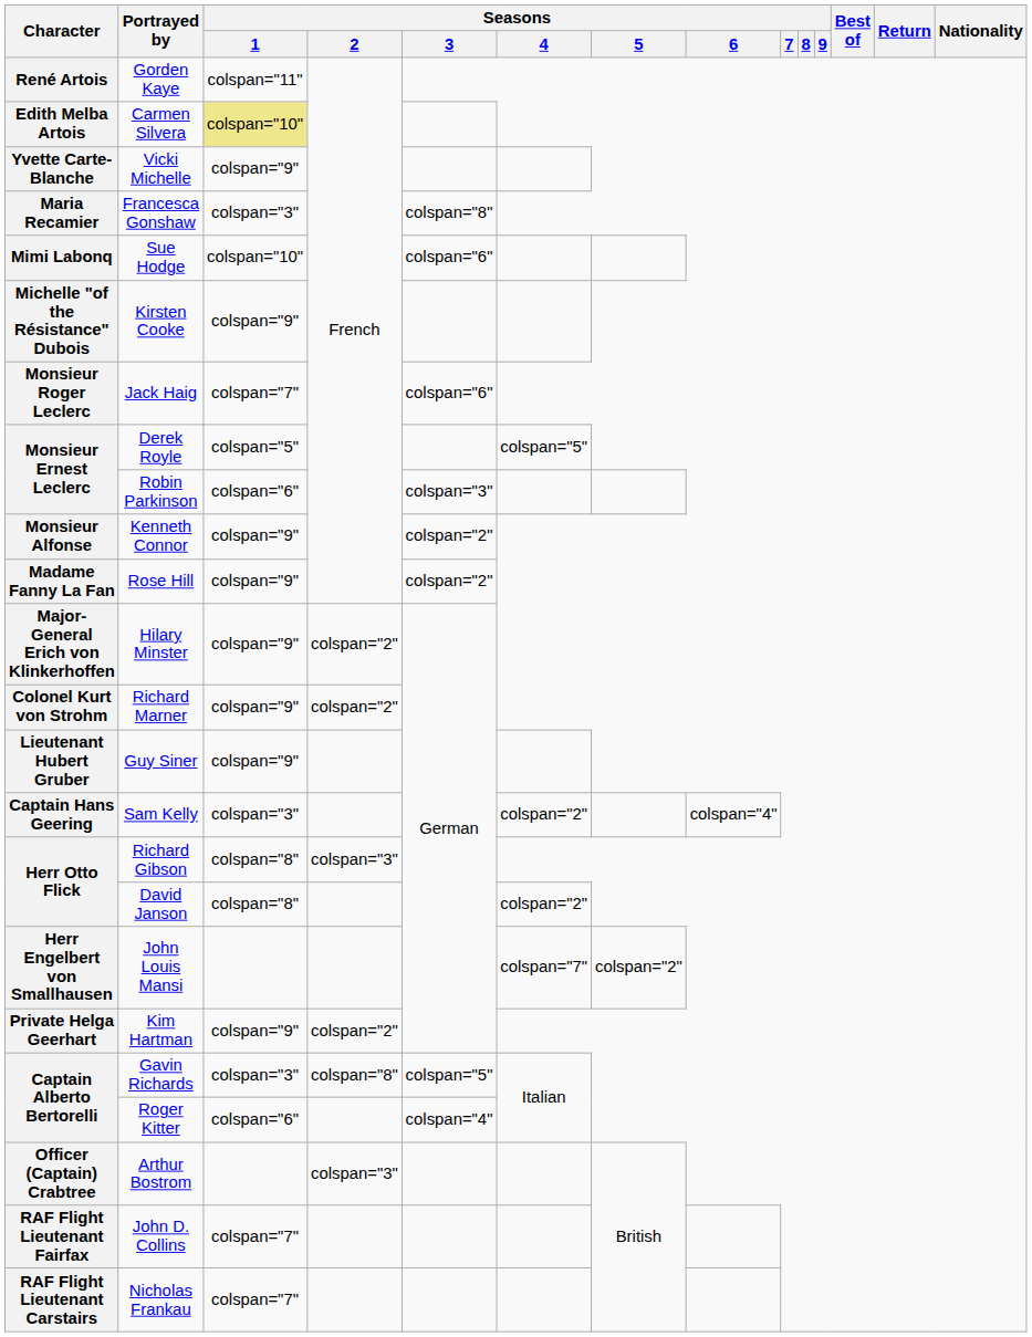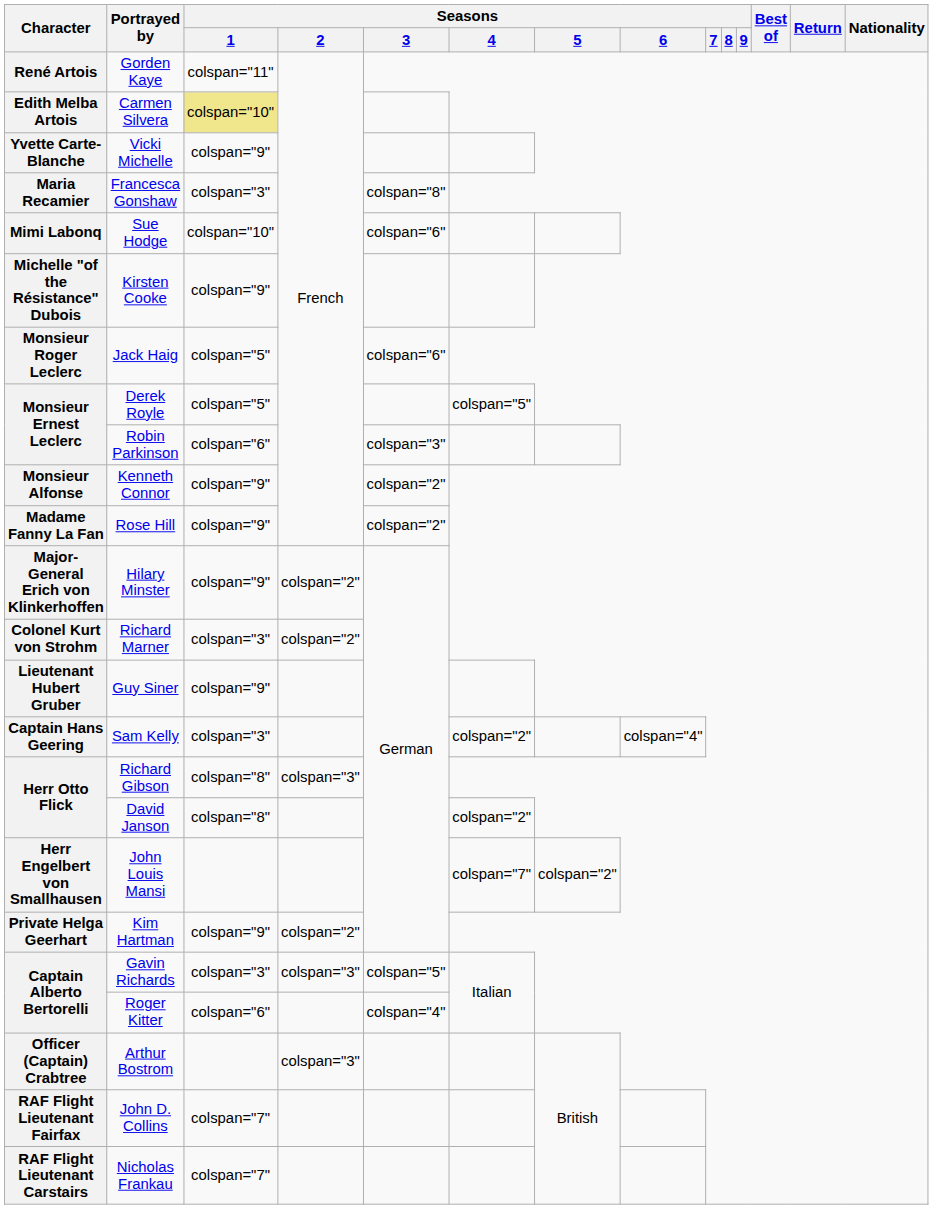 <table class="wikitable" style="text-align:center; width:100%;">
 <tr>
 <th rowspan="2">Character</th>
 <th rowspan="2">Portrayed by</th>
 <th colspan="9">Seasons</th>
 <th rowspan="2"><a href='#'>Best of</a></th>
 <th rowspan="2"><a href='#'>Return</a></th>
 <th rowspan="2">Nationality</th>
 </tr>
 <tr>
 <th style="width:4%"><a href='#'>1</a></th>
 <th style="width:4%"><a href='#'>2</a></th>
 <th style="width:4%"><a href='#'>3</a></th>
 <th style="width:4%"><a href='#'>4</a></th>
 <th style="width:4%"><a href='#'>5</a></th>
 <th style="width:4%"><a href='#'>6</a></th>
 <th style="width:4%"><a href='#'>7</a></th>
 <th style="width:4%"><a href='#'>8</a></th>
 <th style="width:4%"><a href='#'>9</a></th>
 </tr>
 <tr>
 <th>René Artois</th>
 <td><a href='#'>Gorden Kaye</a></td>
 <td>colspan="11" </td>
 <td rowspan="11">French</td>
 </tr>
 <tr>
 <th>Edith Melba Artois</th>
 <td><a href='#'>Carmen Silvera</a></td>
 <td style="background: khaki;">colspan="10" </td>
 <td></td>
 </tr>
 <tr>
 <th>Yvette Carte-Blanche</th>
 <td><a href='#'>Vicki Michelle</a></td>
 <td>colspan="9" </td>
 <td></td>
 <td></td>
 </tr>
 <tr>
 <th>Maria Recamier</th>
 <td><a href='#'>Francesca Gonshaw</a></td>
 <td>colspan="3" </td>
 <td>colspan="8" </td>
 </tr>
 <tr>
 <th>Mimi Labonq</th>
 <td><a href='#'>Sue Hodge</a></td>
 <td>colspan="10" </td>
 <td>colspan="6" </td>
 <td></td>
 <td></td>
 </tr>
 <tr>
 <th>Michelle "of the Résistance" Dubois</th>
 <td><a href='#'>Kirsten Cooke</a></td>
 <td>colspan="9" </td>
 <td></td>
 <td></td>
 </tr>
 <tr>
 <th>Monsieur Roger Leclerc</th>
 <td><a href='#'>Jack Haig</a></td>
-<td>colspan="7" </td>
+<td>colspan="5" </td>
 <td>colspan="6" </td>
 </tr>
 <tr>
 <th rowspan="2">Monsieur Ernest Leclerc</th>
 <td><a href='#'>Derek Royle</a></td>
 <td>colspan="5" </td>
 <td></td>
 <td>colspan="5" </td>
 </tr>
 <tr>
 <td><a href='#'>Robin Parkinson</a></td>
 <td>colspan="6" </td>
 <td>colspan="3" </td>
 <td></td>
 <td></td>
 </tr>
 <tr>
 <th>Monsieur Alfonse</th>
 <td><a href='#'>Kenneth Connor</a></td>
 <td>colspan="9" </td>
 <td>colspan="2" </td>
 </tr>
 <tr>
 <th>Madame Fanny La Fan</th>
 <td><a href='#'>Rose Hill</a></td>
 <td>colspan="9" </td>
 <td>colspan="2" </td>
 </tr>
 <tr>
 <th>Major-General Erich von Klinkerhoffen</th>
 <td><a href='#'>Hilary Minster</a></td>
 <td>colspan="9" </td>
 <td>colspan="2" </td>
 <td rowspan="8">German</td>
 </tr>
 <tr>
 <th>Colonel Kurt von Strohm</th>
 <td><a href='#'>Richard Marner</a></td>
-<td>colspan="9" </td>
+<td>colspan="3" </td>
 <td>colspan="2" </td>
 </tr>
 <tr>
 <th>Lieutenant Hubert Gruber</th>
 <td><a href='#'>Guy Siner</a></td>
 <td>colspan="9" </td>
 <td></td>
 <td></td>
 </tr>
 <tr>
 <th>Captain Hans Geering</th>
 <td><a href='#'>Sam Kelly</a></td>
 <td>colspan="3" </td>
 <td></td>
 <td>colspan="2" </td>
 <td></td>
 <td>colspan="4" </td>
 </tr>
 <tr>
 <th rowspan="2">Herr Otto Flick</th>
 <td><a href='#'>Richard Gibson</a></td>
 <td>colspan="8" </td>
 <td>colspan="3" </td>
 </tr>
 <tr>
 <td><a href='#'>David Janson</a></td>
 <td>colspan="8" </td>
 <td></td>
 <td>colspan="2" </td>
 </tr>
 <tr>
 <th>Herr Engelbert von Smallhausen</th>
 <td><a href='#'>John Louis Mansi</a></td>
 <td></td>
 <td></td>
 <td>colspan="7" </td>
 <td>colspan="2" </td>
 </tr>
 <tr>
 <th>Private Helga Geerhart</th>
 <td><a href='#'>Kim Hartman</a></td>
 <td>colspan="9" </td>
 <td>colspan="2" </td>
 </tr>
 <tr>
 <th rowspan="2">Captain Alberto Bertorelli</th>
 <td><a href='#'>Gavin Richards</a></td>
 <td>colspan="3" </td>
-<td>colspan="8" </td>
+<td>colspan="3" </td>
 <td>colspan="5" </td>
 <td rowspan="2">Italian</td>
 </tr>
 <tr>
 <td><a href='#'>Roger Kitter</a></td>
 <td>colspan="6" </td>
 <td></td>
 <td>colspan="4" </td>
 </tr>
 <tr>
 <th>Officer (Captain) Crabtree</th>
 <td><a href='#'>Arthur Bostrom</a></td>
 <td></td>
 <td>colspan="3" </td>
 <td></td>
 <td></td>
 <td rowspan="3">British</td>
 </tr>
 <tr>
 <th>RAF Flight Lieutenant Fairfax</th>
 <td><a href='#'>John D. Collins</a></td>
 <td>colspan="7" </td>
 <td></td>
 <td></td>
 <td></td>
 <td></td>
 </tr>
 <tr>
 <th>RAF Flight Lieutenant Carstairs</th>
 <td><a href='#'>Nicholas Frankau</a></td>
 <td>colspan="7" </td>
 <td></td>
 <td></td>
 <td></td>
 <td></td>
 </tr>
 </table>
